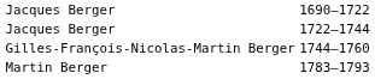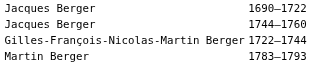 <table>
 <tr>
 <td>Jacques Berger</td>
 <td>1690–1722</td>
 </tr>
 <tr>
 <td>Jacques Berger</td>
-<td>1722–1744</td>
+<td>1744–1760</td>
 </tr>
 <tr>
 <td>Gilles-François-Nicolas-Martin Berger</td>
-<td>1744–1760</td>
+<td>1722–1744</td>
 </tr>
 <tr>
 <td>Martin Berger</td>
 <td>1783–1793</td>
 </tr>
 </table>
